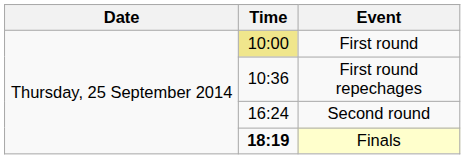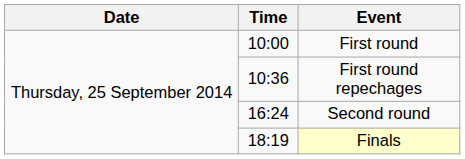 <table class = "wikitable" style="text-align:center;">
 <tr>
 <th width=220>Date</th>
 <th width=50>Time</th>
 <th width=150>Event</th>
 </tr>
 <tr>
 <td rowspan=4>Thursday, 25 September 2014</td>
-<td style="background: khaki;">10:00</td>
+<td>10:00</td>
 <td>First round</td>
 </tr>
 <tr>
 <td>10:36</td>
 <td>First round repechages</td>
 </tr>
 <tr>
 <td>16:24</td>
 <td>Second round</td>
 </tr>
 <tr>
-<td><strong>18:19</strong></td>
+<td>18:19</td>
 <td bgcolor=ffffcc>Finals</td>
 </tr>
 </table>
